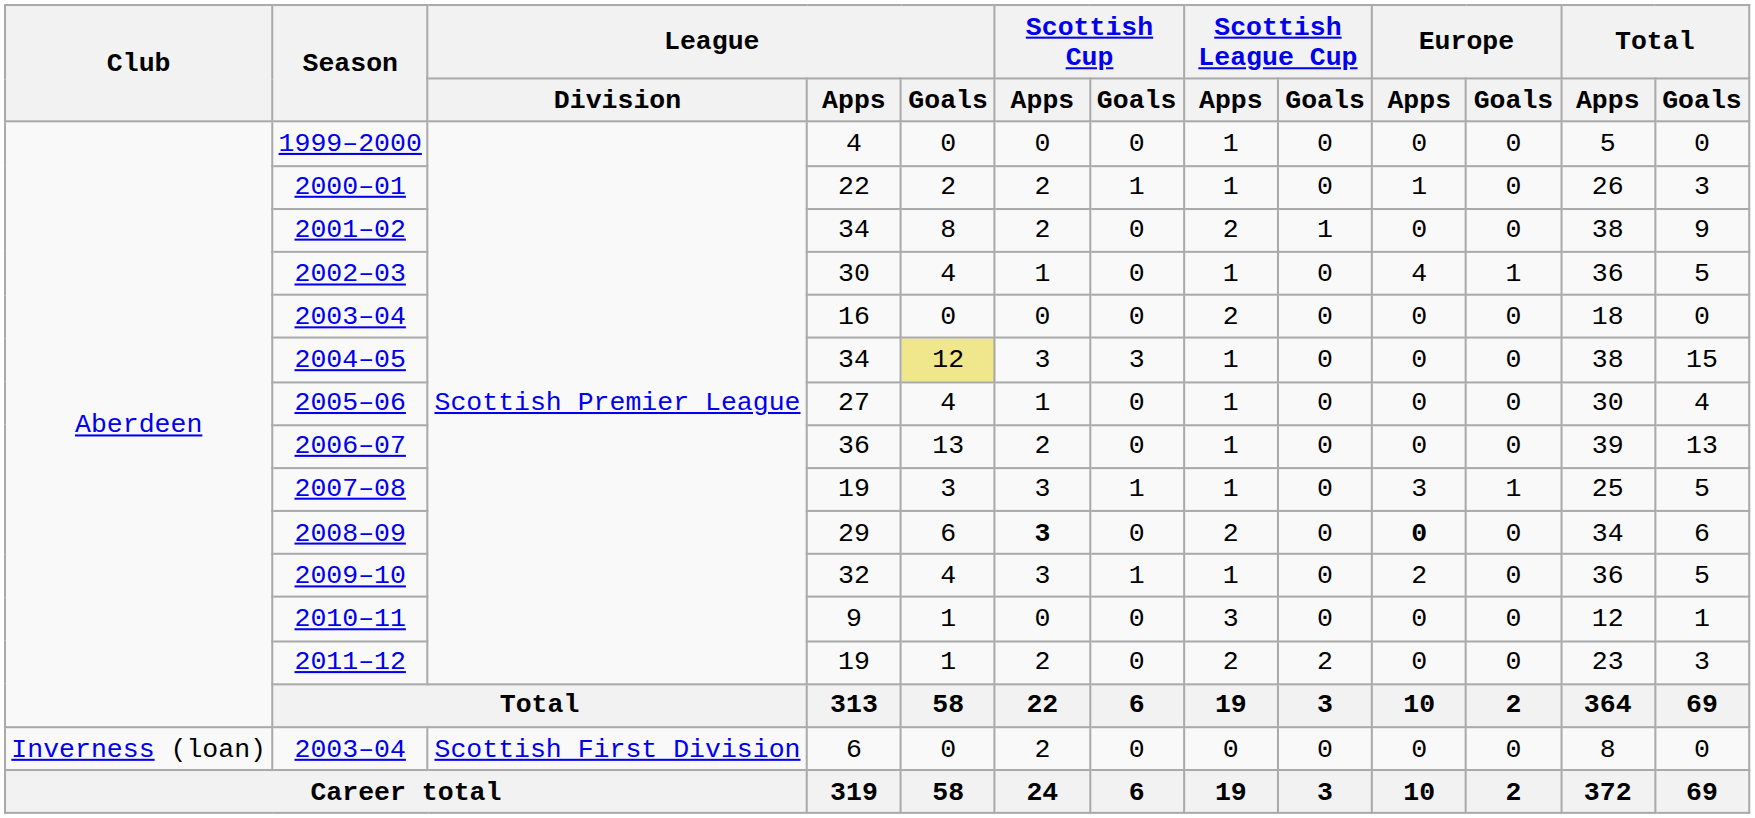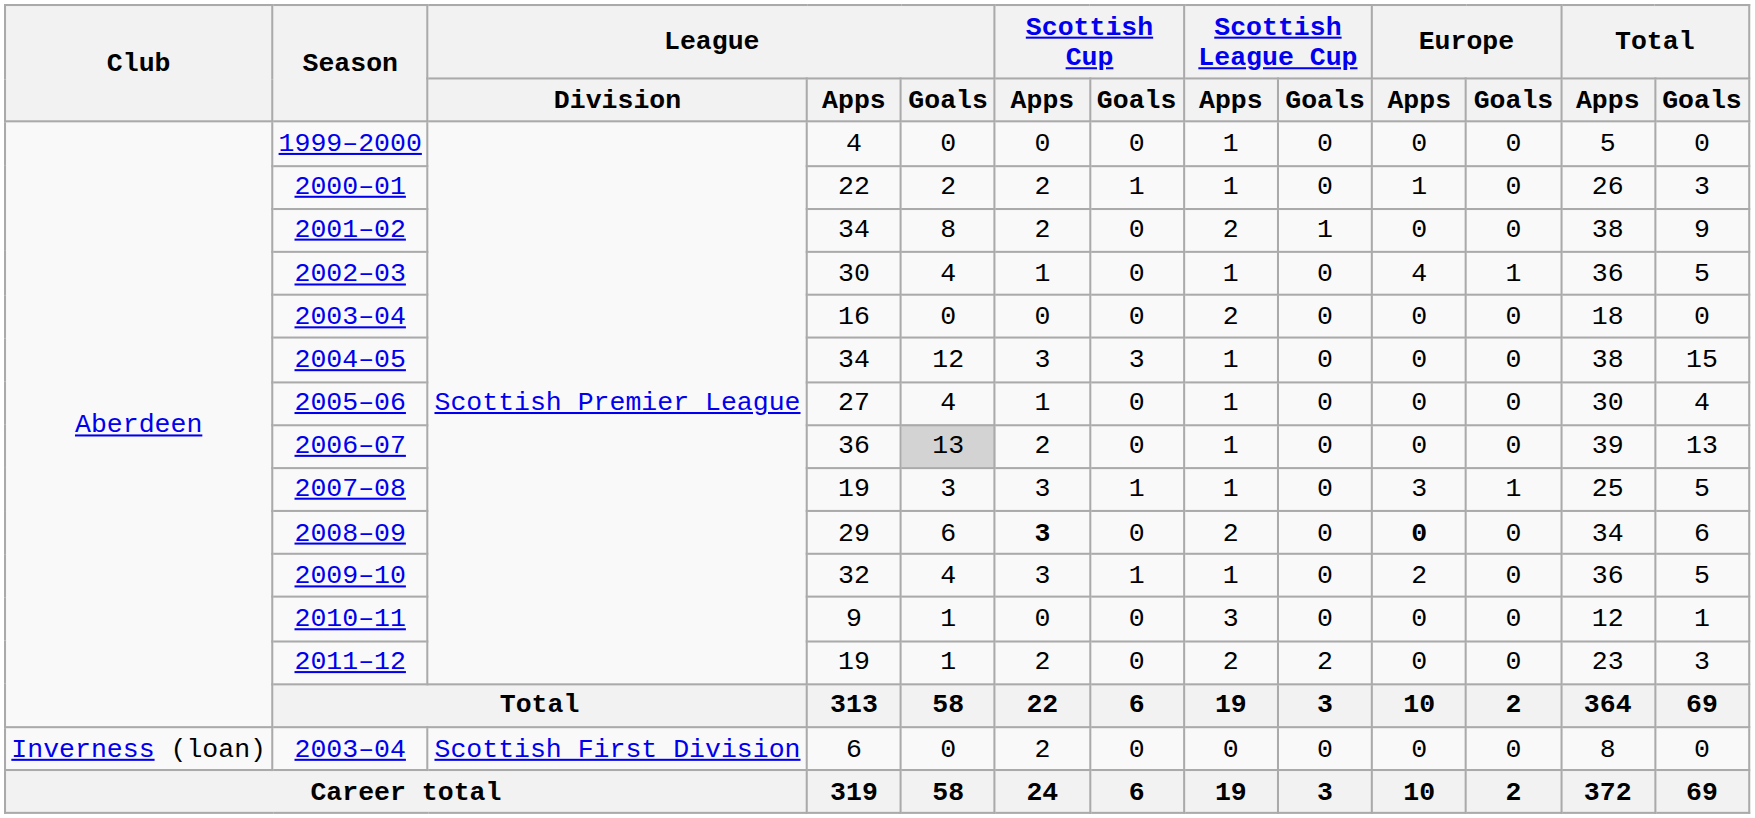 <table class="wikitable" style="text-align:center">
 <tr>
 <th rowspan="2">Club</th>
 <th rowspan="2">Season</th>
 <th colspan="3">League</th>
 <th colspan="2"><a href='#'>Scottish Cup</a></th>
 <th colspan="2"><a href='#'>Scottish League Cup</a></th>
 <th colspan="2">Europe</th>
 <th colspan="2">Total</th>
 </tr>
 <tr>
 <th>Division</th>
 <th width="40">Apps</th>
 <th width="40">Goals</th>
 <th width="40">Apps</th>
 <th width="40">Goals</th>
 <th width="40">Apps</th>
 <th width="40">Goals</th>
 <th width="40">Apps</th>
 <th width="40">Goals</th>
 <th width="40">Apps</th>
 <th width="40">Goals</th>
 </tr>
 <tr>
 <td rowspan="14"><a href='#'>Aberdeen</a></td>
 <td><a href='#'>1999–2000</a></td>
 <td rowspan="13"><a href='#'>Scottish Premier League</a></td>
 <td>4</td>
 <td>0</td>
 <td>0</td>
 <td>0</td>
 <td>1</td>
 <td>0</td>
 <td>0</td>
 <td>0</td>
 <td>5</td>
 <td>0</td>
 </tr>
 <tr>
 <td><a href='#'>2000–01</a></td>
 <td>22</td>
 <td>2</td>
 <td>2</td>
 <td>1</td>
 <td>1</td>
 <td>0</td>
 <td>1</td>
 <td>0</td>
 <td>26</td>
 <td>3</td>
 </tr>
 <tr>
 <td><a href='#'>2001–02</a></td>
 <td>34</td>
 <td>8</td>
 <td>2</td>
 <td>0</td>
 <td>2</td>
 <td>1</td>
 <td>0</td>
 <td>0</td>
 <td>38</td>
 <td>9</td>
 </tr>
 <tr>
 <td><a href='#'>2002–03</a></td>
 <td>30</td>
 <td>4</td>
 <td>1</td>
 <td>0</td>
 <td>1</td>
 <td>0</td>
 <td>4</td>
 <td>1</td>
 <td>36</td>
 <td>5</td>
 </tr>
 <tr>
 <td><a href='#'>2003–04</a></td>
 <td>16</td>
 <td>0</td>
 <td>0</td>
 <td>0</td>
 <td>2</td>
 <td>0</td>
 <td>0</td>
 <td>0</td>
 <td>18</td>
 <td>0</td>
 </tr>
 <tr>
 <td><a href='#'>2004–05</a></td>
 <td>34</td>
-<td style="background: khaki;">12</td>
+<td>12</td>
 <td>3</td>
 <td>3</td>
 <td>1</td>
 <td>0</td>
 <td>0</td>
 <td>0</td>
 <td>38</td>
 <td>15</td>
 </tr>
 <tr>
 <td><a href='#'>2005–06</a></td>
 <td>27</td>
 <td>4</td>
 <td>1</td>
 <td>0</td>
 <td>1</td>
 <td>0</td>
 <td>0</td>
 <td>0</td>
 <td>30</td>
 <td>4</td>
 </tr>
 <tr>
 <td><a href='#'>2006–07</a></td>
 <td>36</td>
-<td>13</td>
+<td style="background: lightgrey;">13</td>
 <td>2</td>
 <td>0</td>
 <td>1</td>
 <td>0</td>
 <td>0</td>
 <td>0</td>
 <td>39</td>
 <td>13</td>
 </tr>
 <tr>
 <td><a href='#'>2007–08</a></td>
 <td>19</td>
 <td>3</td>
 <td>3</td>
 <td>1</td>
 <td>1</td>
 <td>0</td>
 <td>3</td>
 <td>1</td>
 <td>25</td>
 <td>5</td>
 </tr>
 <tr>
 <td><a href='#'>2008–09</a></td>
 <td>29</td>
 <td>6</td>
 <td><strong>3</strong></td>
 <td>0</td>
 <td>2</td>
 <td>0</td>
 <td><strong>0</strong></td>
 <td>0</td>
 <td>34</td>
 <td>6</td>
 </tr>
 <tr>
 <td><a href='#'>2009–10</a></td>
 <td>32</td>
 <td>4</td>
 <td>3</td>
 <td>1</td>
 <td>1</td>
 <td>0</td>
 <td>2</td>
 <td>0</td>
 <td>36</td>
 <td>5</td>
 </tr>
 <tr>
 <td><a href='#'>2010–11</a></td>
 <td>9</td>
 <td>1</td>
 <td>0</td>
 <td>0</td>
 <td>3</td>
 <td>0</td>
 <td>0</td>
 <td>0</td>
 <td>12</td>
 <td>1</td>
 </tr>
 <tr>
 <td><a href='#'>2011–12</a></td>
 <td>19</td>
 <td>1</td>
 <td>2</td>
 <td>0</td>
 <td>2</td>
 <td>2</td>
 <td>0</td>
 <td>0</td>
 <td>23</td>
 <td>3</td>
 </tr>
 <tr>
 <th colspan="2">Total</th>
 <th>313</th>
 <th>58</th>
 <th>22</th>
 <th>6</th>
 <th>19</th>
 <th>3</th>
 <th>10</th>
 <th>2</th>
 <th>364</th>
 <th>69</th>
 </tr>
 <tr>
 <td><a href='#'>Inverness</a> (loan)</td>
 <td><a href='#'>2003–04</a></td>
 <td><a href='#'>Scottish First Division</a></td>
 <td>6</td>
 <td>0</td>
 <td>2</td>
 <td>0</td>
 <td>0</td>
 <td>0</td>
 <td>0</td>
 <td>0</td>
 <td>8</td>
 <td>0</td>
 </tr>
 <tr>
 <th colspan="3">Career total</th>
 <th>319</th>
 <th>58</th>
 <th>24</th>
 <th>6</th>
 <th>19</th>
 <th>3</th>
 <th>10</th>
 <th>2</th>
 <th>372</th>
 <th>69</th>
 </tr>
 </table>
